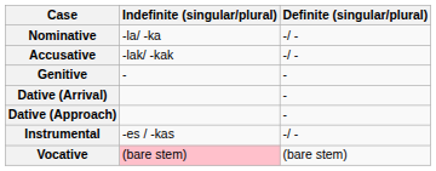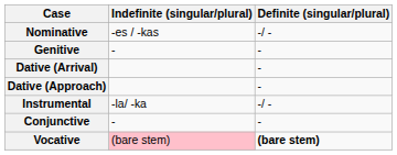 <table class="wikitable" style="text-‐align:center">
 <tr ‐>
 <th>Case</th>
 <th>Indefinite (singular/plural)</th>
 <th>Definite (singular/plural)</th>
 </tr>
 <tr ‐>
 <th>Nominative</th>
-<td>-la/ -ka</td>
-<td>-/ -</td>
-</tr>
-<tr ‐>
-<th>Accusative</th>
-<td>-lak/ -kak</td>
+<td>-es / -kas</td>
 <td>-/ -</td>
 </tr>
 <tr ‐>
 <th>Genitive</th>
 <td>-</td>
 <td>-</td>
 </tr>
 <tr ‐>
 <th>Dative (Arrival)</th>
 <td></td>
 <td>-</td>
 </tr>
 <tr ‐>
 <th>Dative (Approach)</th>
 <td></td>
 <td>-</td>
 </tr>
 <tr ‐>
 <th>Instrumental</th>
-<td>-es / -kas</td>
+<td>-la/ -ka</td>
 <td>-/ -</td>
+</tr>
+<tr ‐>
+<th>Conjunctive</th>
+<td>-</td>
+<td>-</td>
 </tr>
 <tr ‐>
 <th>Vocative</th>
 <td style="background: pink;">(bare stem)</td>
-<td>(bare stem)</td>
+<td><strong>(bare stem)</strong></td>
 </tr>
 </table>
